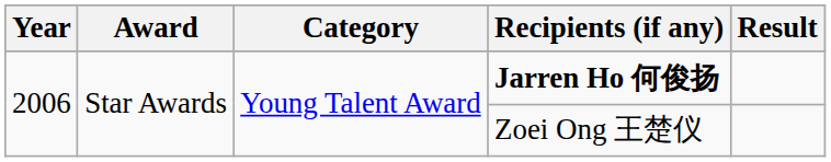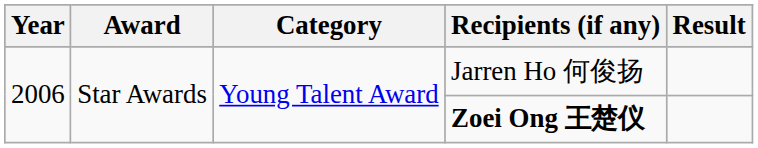 <table class="wikitable sortable">
 <tr style="background:#ccc; text-align:center;">
 <th>Year</th>
 <th>Award</th>
 <th>Category</th>
 <th>Recipients (if any)</th>
 <th>Result</th>
 </tr>
 <tr>
 <td rowspan="2">2006</td>
 <td rowspan="2">Star Awards</td>
 <td rowspan="2"><a href='#'>Young Talent Award</a></td>
-<td><strong>Jarren Ho 何俊扬</strong></td>
+<td>Jarren Ho 何俊扬</td>
 <td></td>
 </tr>
 <tr>
-<td>Zoei Ong 王楚仪</td>
+<td><strong>Zoei Ong 王楚仪</strong></td>
 <td></td>
 </tr>
 </table>
